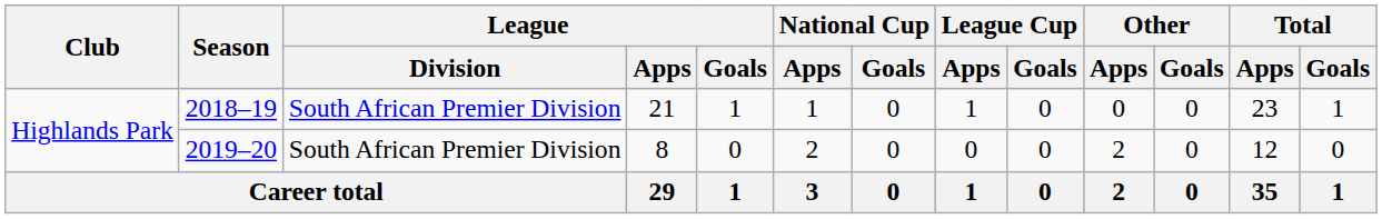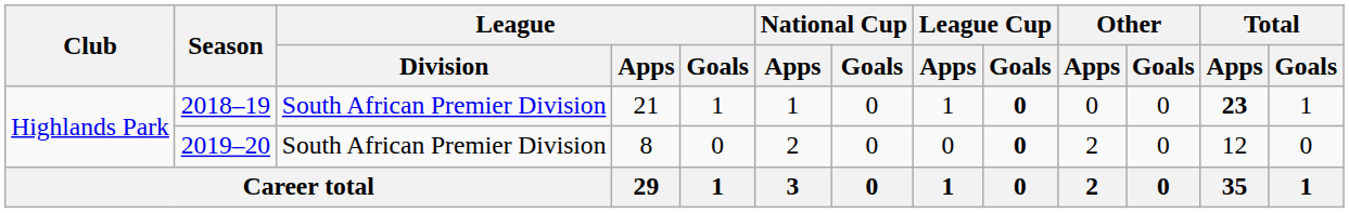 <table class="wikitable" style="text-align: center">
 <tr>
 <th rowspan="2">Club</th>
 <th rowspan="2">Season</th>
 <th colspan="3">League</th>
 <th colspan="2">National Cup</th>
 <th colspan="2">League Cup</th>
 <th colspan="2">Other</th>
 <th colspan="2">Total</th>
 </tr>
 <tr>
 <th>Division</th>
 <th>Apps</th>
 <th>Goals</th>
 <th>Apps</th>
 <th>Goals</th>
 <th>Apps</th>
 <th>Goals</th>
 <th>Apps</th>
 <th>Goals</th>
 <th>Apps</th>
 <th>Goals</th>
 </tr>
 <tr>
 <td rowspan="2"><a href='#'>Highlands Park</a></td>
 <td><a href='#'>2018–19</a></td>
 <td><a href='#'>South African Premier Division</a></td>
 <td>21</td>
 <td>1</td>
 <td>1</td>
 <td>0</td>
 <td>1</td>
+<td><strong>0</strong></td>
 <td>0</td>
 <td>0</td>
-<td>0</td>
-<td>23</td>
+<td><strong>23</strong></td>
 <td>1</td>
 </tr>
 <tr>
 <td><a href='#'>2019–20</a></td>
 <td>South African Premier Division</td>
 <td>8</td>
 <td>0</td>
 <td>2</td>
 <td>0</td>
 <td>0</td>
-<td>0</td>
+<td><strong>0</strong></td>
 <td>2</td>
 <td>0</td>
 <td>12</td>
 <td>0</td>
 </tr>
 <tr>
 <th colspan="3">Career total</th>
 <th>29</th>
 <th>1</th>
 <th>3</th>
 <th>0</th>
 <th>1</th>
 <th>0</th>
 <th>2</th>
 <th>0</th>
 <th>35</th>
 <th>1</th>
 </tr>
 </table>
